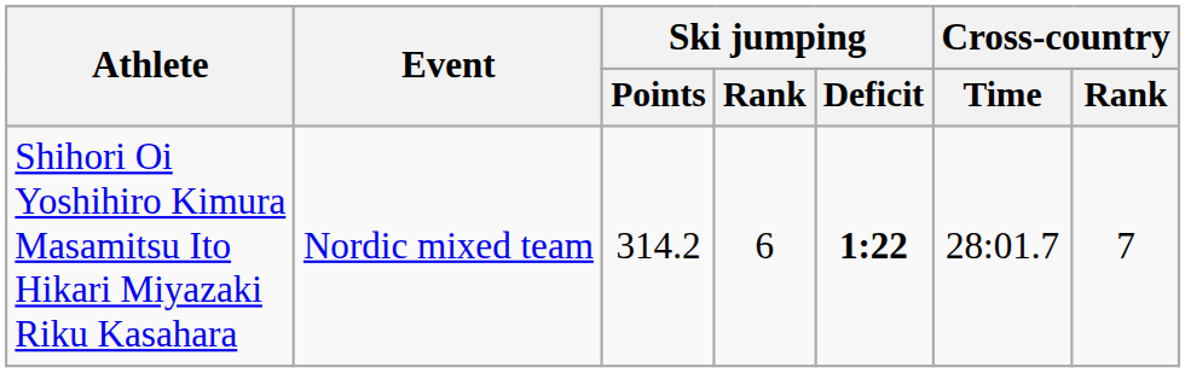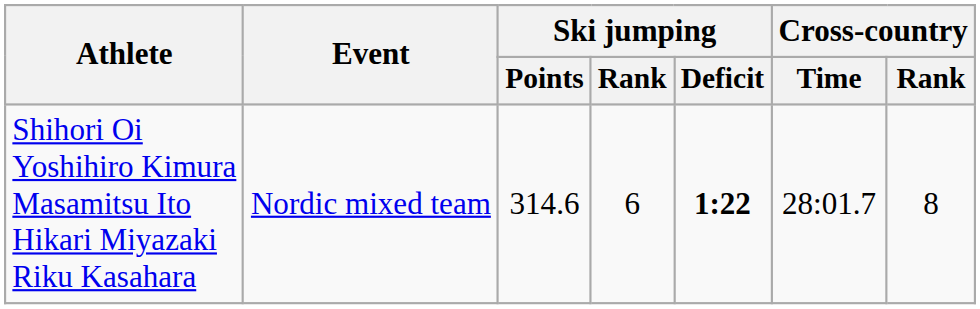 <table class="wikitable" style="font-size:90%">
 <tr>
 <th rowspan="2">Athlete</th>
 <th rowspan="2">Event</th>
 <th colspan="3">Ski jumping</th>
 <th colspan="2">Cross-country</th>
 </tr>
 <tr style="font-size:95%">
 <th>Points</th>
 <th>Rank</th>
 <th>Deficit</th>
 <th>Time</th>
 <th>Rank</th>
 </tr>
 <tr align=center>
 <td align=left><a href='#'>Shihori Oi</a><br><a href='#'>Yoshihiro Kimura</a><br><a href='#'>Masamitsu Ito</a><br><a href='#'>Hikari Miyazaki</a><br><a href='#'>Riku Kasahara</a></td>
 <td align=left><a href='#'>Nordic mixed team</a></td>
-<td>314.2</td>
+<td>314.6</td>
 <td>6</td>
 <td><strong>1:22</strong></td>
 <td>28:01.7</td>
-<td>7</td>
+<td>8</td>
 </tr>
 </table>
